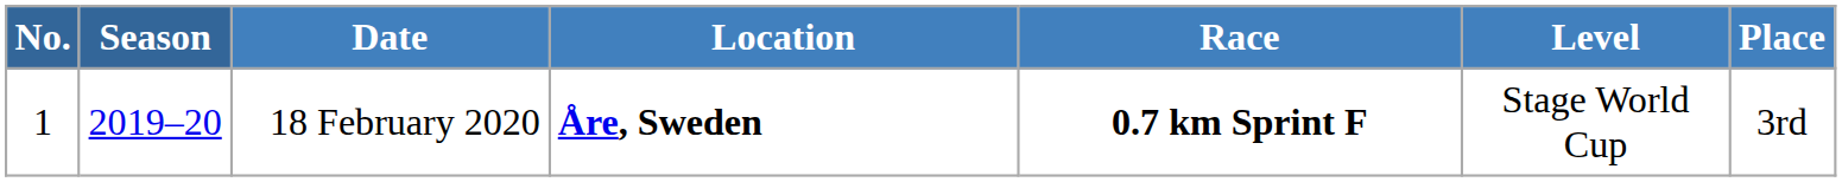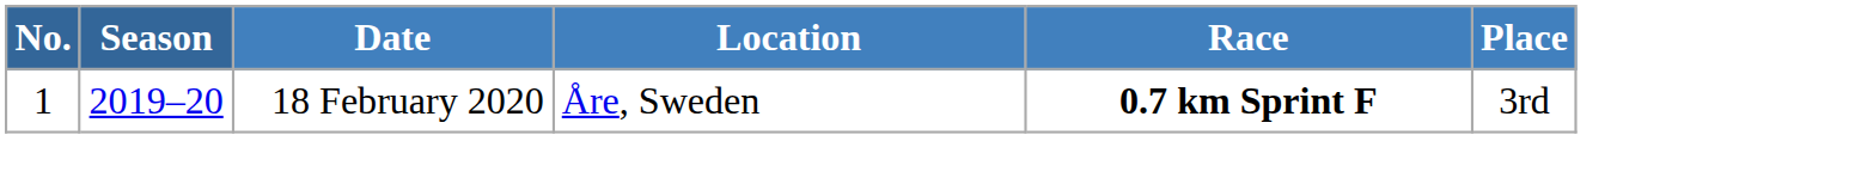 <table class="wikitable sortable" style="font-size:95%; text-align:center; border:grey solid 1px; border-collapse:collapse; background:#ffffff;">
 <tr style="background:#efefef;">
 <th style="background-color:#369; color:white;">No.</th>
 <th style="background-color:#369; color:white;">Season</th>
 <th style="background-color:#4180be; color:white; width:120px;">Date</th>
 <th style="background-color:#4180be; color:white; width:180px;">Location</th>
 <th style="background-color:#4180be; color:white; width:170px;">Race</th>
-<th style="background-color:#4180be; color:white; width:100px;">Level</th>
 <th style="background-color:#4180be; color:white;">Place</th>
 </tr>
 <tr>
 <td align=center>1</td>
 <td rowspan=1 align=center><a href='#'>2019–20</a></td>
 <td align=right>18 February 2020</td>
-<td align=left><strong> <a href='#'>Åre</a>, Sweden</strong></td>
+<td align=left> <a href='#'>Åre</a>, Sweden</td>
 <td><strong>0.7 km Sprint F</strong></td>
-<td>Stage World Cup</td>
 <td>3rd</td>
 </tr>
 </table>
